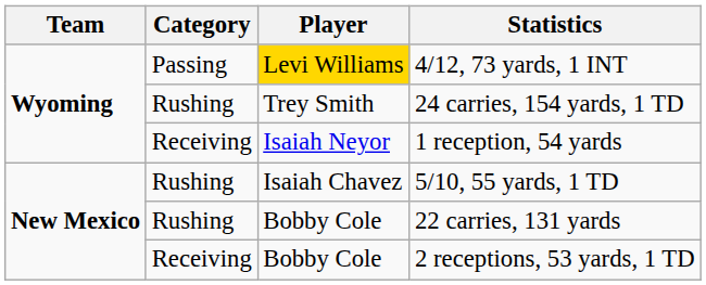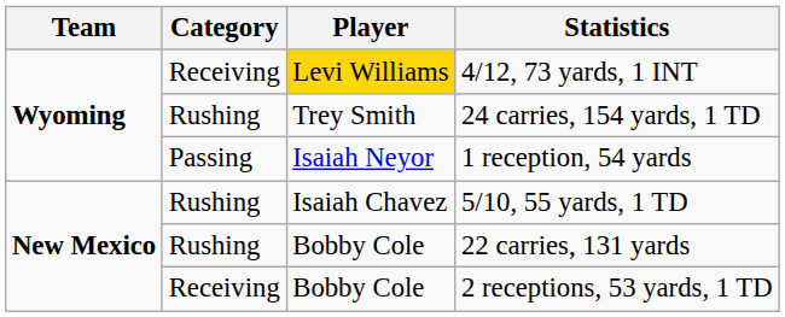 <table class="wikitable" style="float: left;">
 <tr>
 <th>Team</th>
 <th>Category</th>
 <th>Player</th>
 <th>Statistics</th>
 </tr>
 <tr>
 <td rowspan=3><strong>Wyoming</strong></td>
-<td>Passing</td>
+<td>Receiving</td>
 <td style="background: gold;">Levi Williams</td>
 <td>4/12, 73 yards, 1 INT</td>
 </tr>
 <tr>
 <td>Rushing</td>
 <td>Trey Smith</td>
 <td>24 carries, 154 yards, 1 TD</td>
 </tr>
 <tr>
-<td>Receiving</td>
+<td>Passing</td>
 <td><a href='#'>Isaiah Neyor</a></td>
 <td>1 reception, 54 yards</td>
 </tr>
 <tr>
 <td rowspan=3><strong>New Mexico</strong></td>
 <td>Rushing</td>
 <td>Isaiah Chavez</td>
 <td>5/10, 55 yards, 1 TD</td>
 </tr>
 <tr>
 <td>Rushing</td>
 <td>Bobby Cole</td>
 <td>22 carries, 131 yards</td>
 </tr>
 <tr>
 <td>Receiving</td>
 <td>Bobby Cole</td>
 <td>2 receptions, 53 yards, 1 TD</td>
 </tr>
 </table>
